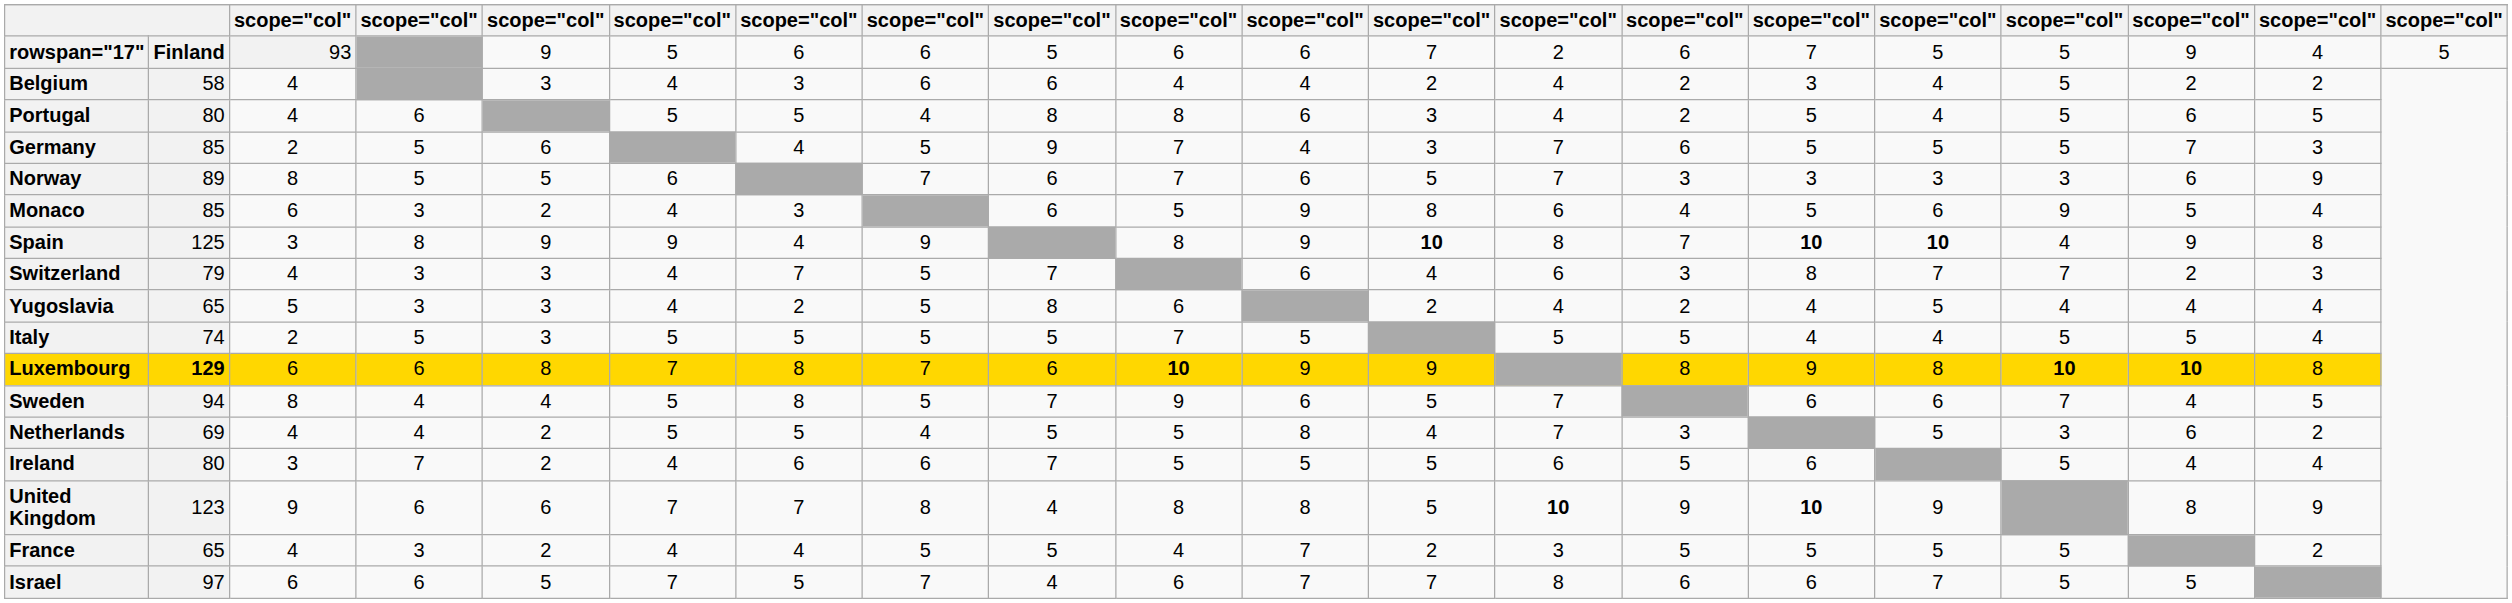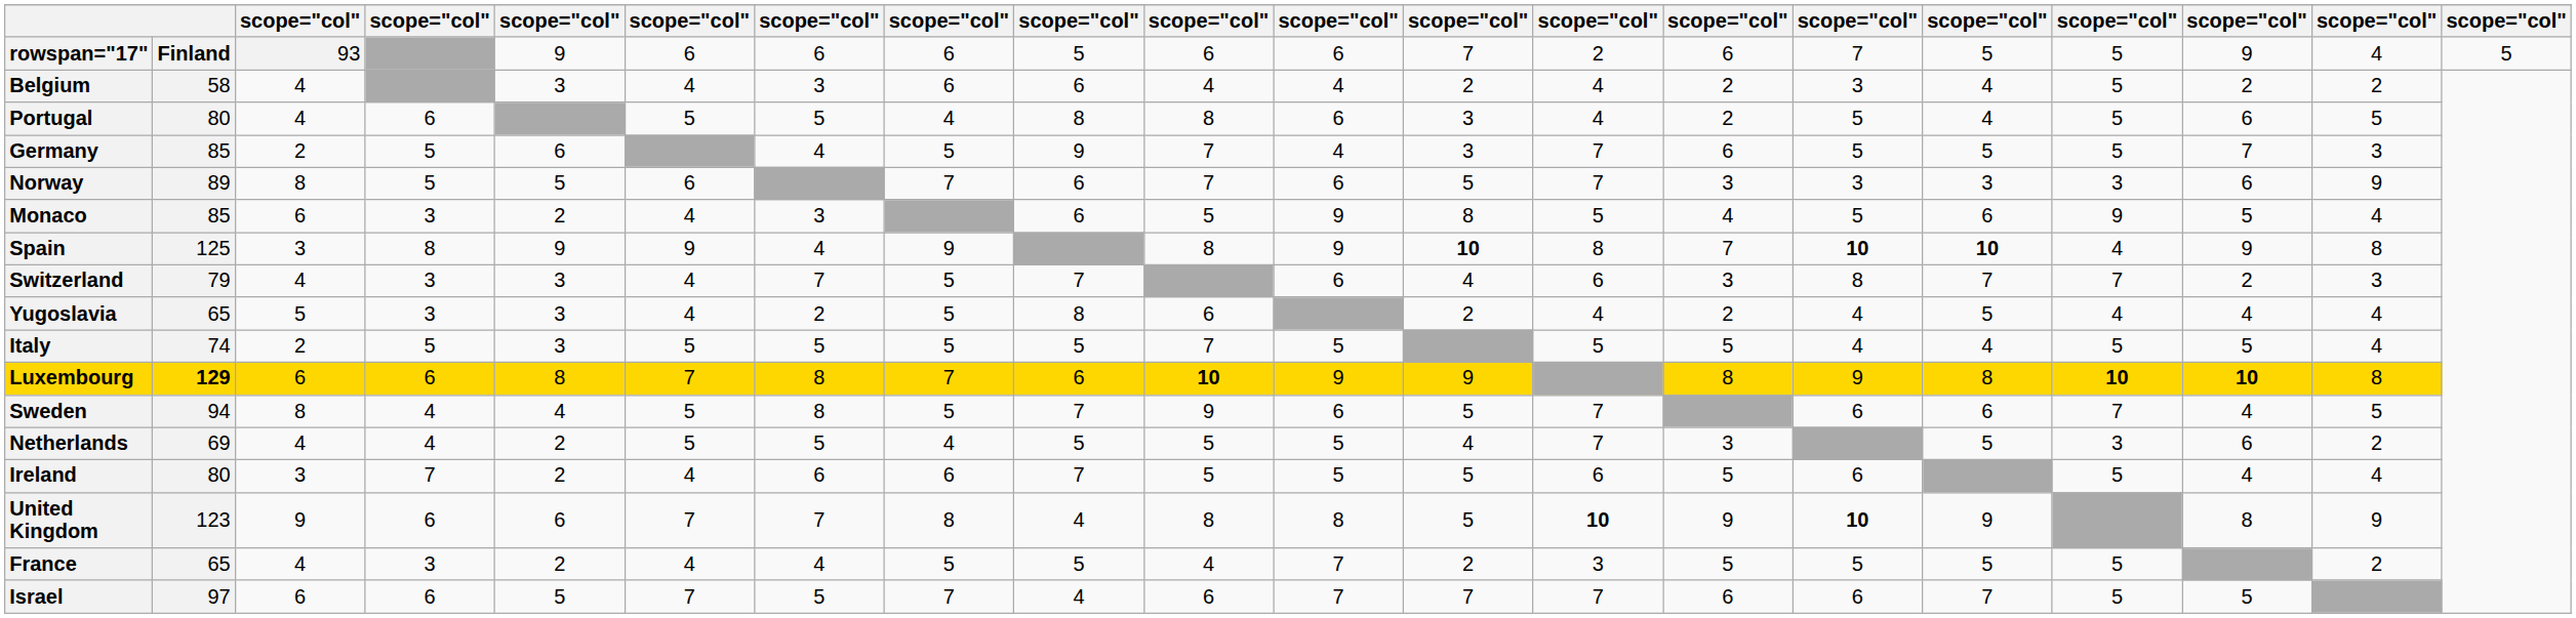 <table class="wikitable plainrowheaders" style="text-align:center;">
 <tr>
 </tr>
 <tr>
 <th colspan="2"></th>
 <th>scope="col" </th>
 <th>scope="col" </th>
 <th>scope="col" </th>
 <th>scope="col" </th>
 <th>scope="col" </th>
 <th>scope="col" </th>
 <th>scope="col" </th>
 <th>scope="col" </th>
 <th>scope="col" </th>
 <th>scope="col" </th>
 <th>scope="col" </th>
 <th>scope="col" </th>
 <th>scope="col" </th>
 <th>scope="col" </th>
 <th>scope="col" </th>
 <th>scope="col" </th>
 <th>scope="col" </th>
 <th>scope="col" </th>
 </tr>
 <tr>
 <th>rowspan="17" </th>
 <th scope="row" style="text-align:left; background:#f2f2f2;">Finland</th>
 <td style="text-align:right; background:#f2f2f2;">93</td>
 <td style="text-align:left; background:#aaa;"></td>
 <td>9</td>
-<td>5</td>
+<td>6</td>
 <td>6</td>
 <td>6</td>
 <td>5</td>
 <td>6</td>
 <td>6</td>
 <td>7</td>
 <td>2</td>
 <td>6</td>
 <td>7</td>
 <td>5</td>
 <td>5</td>
 <td>9</td>
 <td>4</td>
 <td>5</td>
 </tr>
 <tr>
 <th scope="row" style="text-align:left; background:#f2f2f2;">Belgium</th>
 <td style="text-align:right; background:#f2f2f2;">58</td>
 <td>4</td>
 <td style="text-align:left; background:#aaa;"></td>
 <td>3</td>
 <td>4</td>
 <td>3</td>
 <td>6</td>
 <td>6</td>
 <td>4</td>
 <td>4</td>
 <td>2</td>
 <td>4</td>
 <td>2</td>
 <td>3</td>
 <td>4</td>
 <td>5</td>
 <td>2</td>
 <td>2</td>
 </tr>
 <tr>
 <th scope="row" style="text-align:left; background:#f2f2f2;">Portugal</th>
 <td style="text-align:right; background:#f2f2f2;">80</td>
 <td>4</td>
 <td>6</td>
 <td style="text-align:left; background:#aaa;"></td>
 <td>5</td>
 <td>5</td>
 <td>4</td>
 <td>8</td>
 <td>8</td>
 <td>6</td>
 <td>3</td>
 <td>4</td>
 <td>2</td>
 <td>5</td>
 <td>4</td>
 <td>5</td>
 <td>6</td>
 <td>5</td>
 </tr>
 <tr>
 <th scope="row" style="text-align:left; background:#f2f2f2;">Germany</th>
 <td style="text-align:right; background:#f2f2f2;">85</td>
 <td>2</td>
 <td>5</td>
 <td>6</td>
 <td style="text-align:left; background:#aaa;"></td>
 <td>4</td>
 <td>5</td>
 <td>9</td>
 <td>7</td>
 <td>4</td>
 <td>3</td>
 <td>7</td>
 <td>6</td>
 <td>5</td>
 <td>5</td>
 <td>5</td>
 <td>7</td>
 <td>3</td>
 </tr>
 <tr>
 <th scope="row" style="text-align:left; background:#f2f2f2;">Norway</th>
 <td style="text-align:right; background:#f2f2f2;">89</td>
 <td>8</td>
 <td>5</td>
 <td>5</td>
 <td>6</td>
 <td style="text-align:left; background:#aaa;"></td>
 <td>7</td>
 <td>6</td>
 <td>7</td>
 <td>6</td>
 <td>5</td>
 <td>7</td>
 <td>3</td>
 <td>3</td>
 <td>3</td>
 <td>3</td>
 <td>6</td>
 <td>9</td>
 </tr>
 <tr>
 <th scope="row" style="text-align:left; background:#f2f2f2;">Monaco</th>
 <td style="text-align:right; background:#f2f2f2;">85</td>
 <td>6</td>
 <td>3</td>
 <td>2</td>
 <td>4</td>
 <td>3</td>
 <td style="text-align:left; background:#aaa;"></td>
 <td>6</td>
 <td>5</td>
 <td>9</td>
 <td>8</td>
-<td>6</td>
+<td>5</td>
 <td>4</td>
 <td>5</td>
 <td>6</td>
 <td>9</td>
 <td>5</td>
 <td>4</td>
 </tr>
 <tr>
 <th scope="row" style="text-align:left; background:#f2f2f2;">Spain</th>
 <td style="text-align:right; background:#f2f2f2;">125</td>
 <td>3</td>
 <td>8</td>
 <td>9</td>
 <td>9</td>
 <td>4</td>
 <td>9</td>
 <td style="text-align:left; background:#aaa;"></td>
 <td>8</td>
 <td>9</td>
 <td><strong>10</strong></td>
 <td>8</td>
 <td>7</td>
 <td><strong>10</strong></td>
 <td><strong>10</strong></td>
 <td>4</td>
 <td>9</td>
 <td>8</td>
 </tr>
 <tr>
 <th scope="row" style="text-align:left; background:#f2f2f2;">Switzerland</th>
 <td style="text-align:right; background:#f2f2f2;">79</td>
 <td>4</td>
 <td>3</td>
 <td>3</td>
 <td>4</td>
 <td>7</td>
 <td>5</td>
 <td>7</td>
 <td style="text-align:left; background:#aaa;"></td>
 <td>6</td>
 <td>4</td>
 <td>6</td>
 <td>3</td>
 <td>8</td>
 <td>7</td>
 <td>7</td>
 <td>2</td>
 <td>3</td>
 </tr>
 <tr>
 <th scope="row" style="text-align:left; background:#f2f2f2;">Yugoslavia</th>
 <td style="text-align:right; background:#f2f2f2;">65</td>
 <td>5</td>
 <td>3</td>
 <td>3</td>
 <td>4</td>
 <td>2</td>
 <td>5</td>
 <td>8</td>
 <td>6</td>
 <td style="text-align:left; background:#aaa;"></td>
 <td>2</td>
 <td>4</td>
 <td>2</td>
 <td>4</td>
 <td>5</td>
 <td>4</td>
 <td>4</td>
 <td>4</td>
 </tr>
 <tr>
 <th scope="row" style="text-align:left; background:#f2f2f2;">Italy</th>
 <td style="text-align:right; background:#f2f2f2;">74</td>
 <td>2</td>
 <td>5</td>
 <td>3</td>
 <td>5</td>
 <td>5</td>
 <td>5</td>
 <td>5</td>
 <td>7</td>
 <td>5</td>
 <td style="text-align:left; background:#aaa;"></td>
 <td>5</td>
 <td>5</td>
 <td>4</td>
 <td>4</td>
 <td>5</td>
 <td>5</td>
 <td>4</td>
 </tr>
 <tr style="background:gold;">
 <th scope="row" style="text-align:left; font-weight:bold; background:gold;">Luxembourg</th>
 <td style="text-align:right; font-weight:bold;">129</td>
 <td>6</td>
 <td>6</td>
 <td>8</td>
 <td>7</td>
 <td>8</td>
 <td>7</td>
 <td>6</td>
 <td><strong>10</strong></td>
 <td>9</td>
 <td>9</td>
 <td style="text-align:left; background:#aaa;"></td>
 <td>8</td>
 <td>9</td>
 <td>8</td>
 <td><strong>10</strong></td>
 <td><strong>10</strong></td>
 <td>8</td>
 </tr>
 <tr>
 <th scope="row" style="text-align:left; background:#f2f2f2;">Sweden</th>
 <td style="text-align:right; background:#f2f2f2;">94</td>
 <td>8</td>
 <td>4</td>
 <td>4</td>
 <td>5</td>
 <td>8</td>
 <td>5</td>
 <td>7</td>
 <td>9</td>
 <td>6</td>
 <td>5</td>
 <td>7</td>
 <td style="text-align:left; background:#aaa;"></td>
 <td>6</td>
 <td>6</td>
 <td>7</td>
 <td>4</td>
 <td>5</td>
 </tr>
 <tr>
 <th scope="row" style="text-align:left; background:#f2f2f2;">Netherlands</th>
 <td style="text-align:right; background:#f2f2f2;">69</td>
 <td>4</td>
 <td>4</td>
 <td>2</td>
 <td>5</td>
 <td>5</td>
 <td>4</td>
 <td>5</td>
 <td>5</td>
-<td>8</td>
+<td>5</td>
 <td>4</td>
 <td>7</td>
 <td>3</td>
 <td style="text-align:left; background:#aaa;"></td>
 <td>5</td>
 <td>3</td>
 <td>6</td>
 <td>2</td>
 </tr>
 <tr>
 <th scope="row" style="text-align:left; background:#f2f2f2;">Ireland</th>
 <td style="text-align:right; background:#f2f2f2;">80</td>
 <td>3</td>
 <td>7</td>
 <td>2</td>
 <td>4</td>
 <td>6</td>
 <td>6</td>
 <td>7</td>
 <td>5</td>
 <td>5</td>
 <td>5</td>
 <td>6</td>
 <td>5</td>
 <td>6</td>
 <td style="text-align:left; background:#aaa;"></td>
 <td>5</td>
 <td>4</td>
 <td>4</td>
 </tr>
 <tr>
 <th scope="row" style="text-align:left; background:#f2f2f2;">United Kingdom</th>
 <td style="text-align:right; background:#f2f2f2;">123</td>
 <td>9</td>
 <td>6</td>
 <td>6</td>
 <td>7</td>
 <td>7</td>
 <td>8</td>
 <td>4</td>
 <td>8</td>
 <td>8</td>
 <td>5</td>
 <td><strong>10</strong></td>
 <td>9</td>
 <td><strong>10</strong></td>
 <td>9</td>
 <td style="text-align:left; background:#aaa;"></td>
 <td>8</td>
 <td>9</td>
 </tr>
 <tr>
 <th scope="row" style="text-align:left; background:#f2f2f2;">France</th>
 <td style="text-align:right; background:#f2f2f2;">65</td>
 <td>4</td>
 <td>3</td>
 <td>2</td>
 <td>4</td>
 <td>4</td>
 <td>5</td>
 <td>5</td>
 <td>4</td>
 <td>7</td>
 <td>2</td>
 <td>3</td>
 <td>5</td>
 <td>5</td>
 <td>5</td>
 <td>5</td>
 <td style="text-align:left; background:#aaa;"></td>
 <td>2</td>
 </tr>
 <tr>
 <th scope="row" style="text-align:left; background:#f2f2f2;">Israel</th>
 <td style="text-align:right; background:#f2f2f2;">97</td>
 <td>6</td>
 <td>6</td>
 <td>5</td>
 <td>7</td>
 <td>5</td>
 <td>7</td>
 <td>4</td>
 <td>6</td>
 <td>7</td>
 <td>7</td>
-<td>8</td>
+<td>7</td>
 <td>6</td>
 <td>6</td>
 <td>7</td>
 <td>5</td>
 <td>5</td>
 <td style="text-align:left; background:#aaa;"></td>
 </tr>
 </table>
